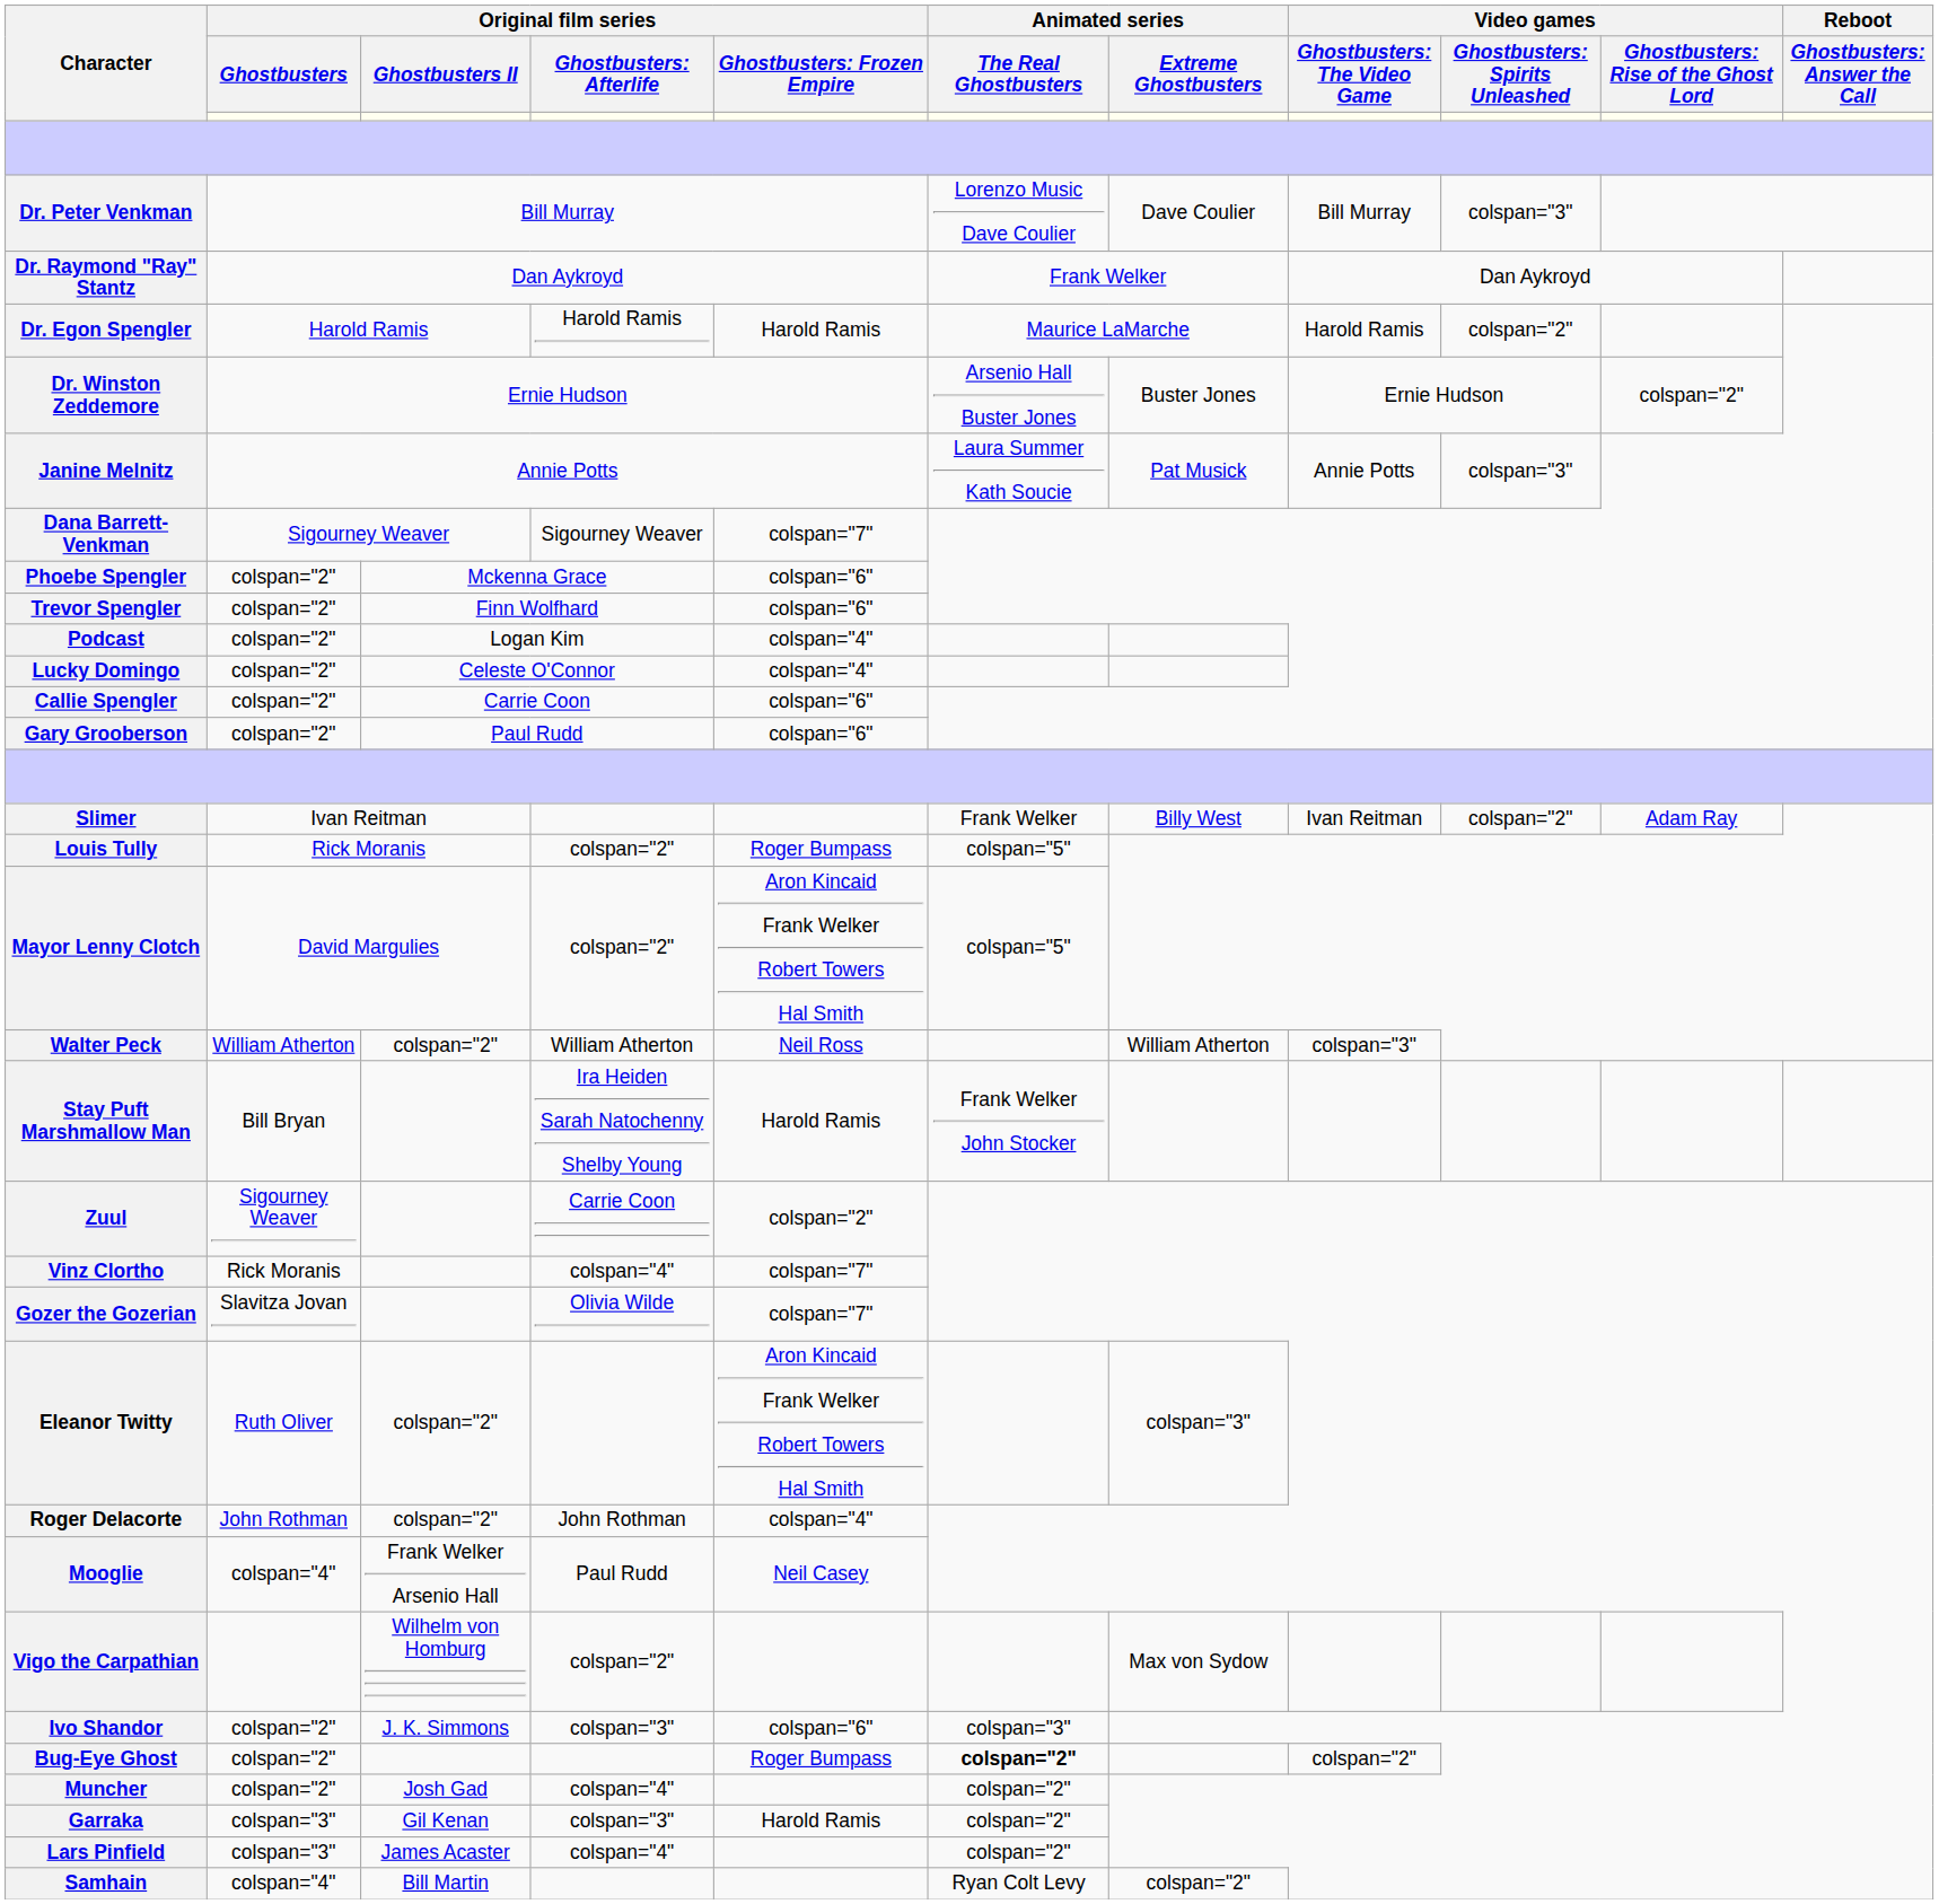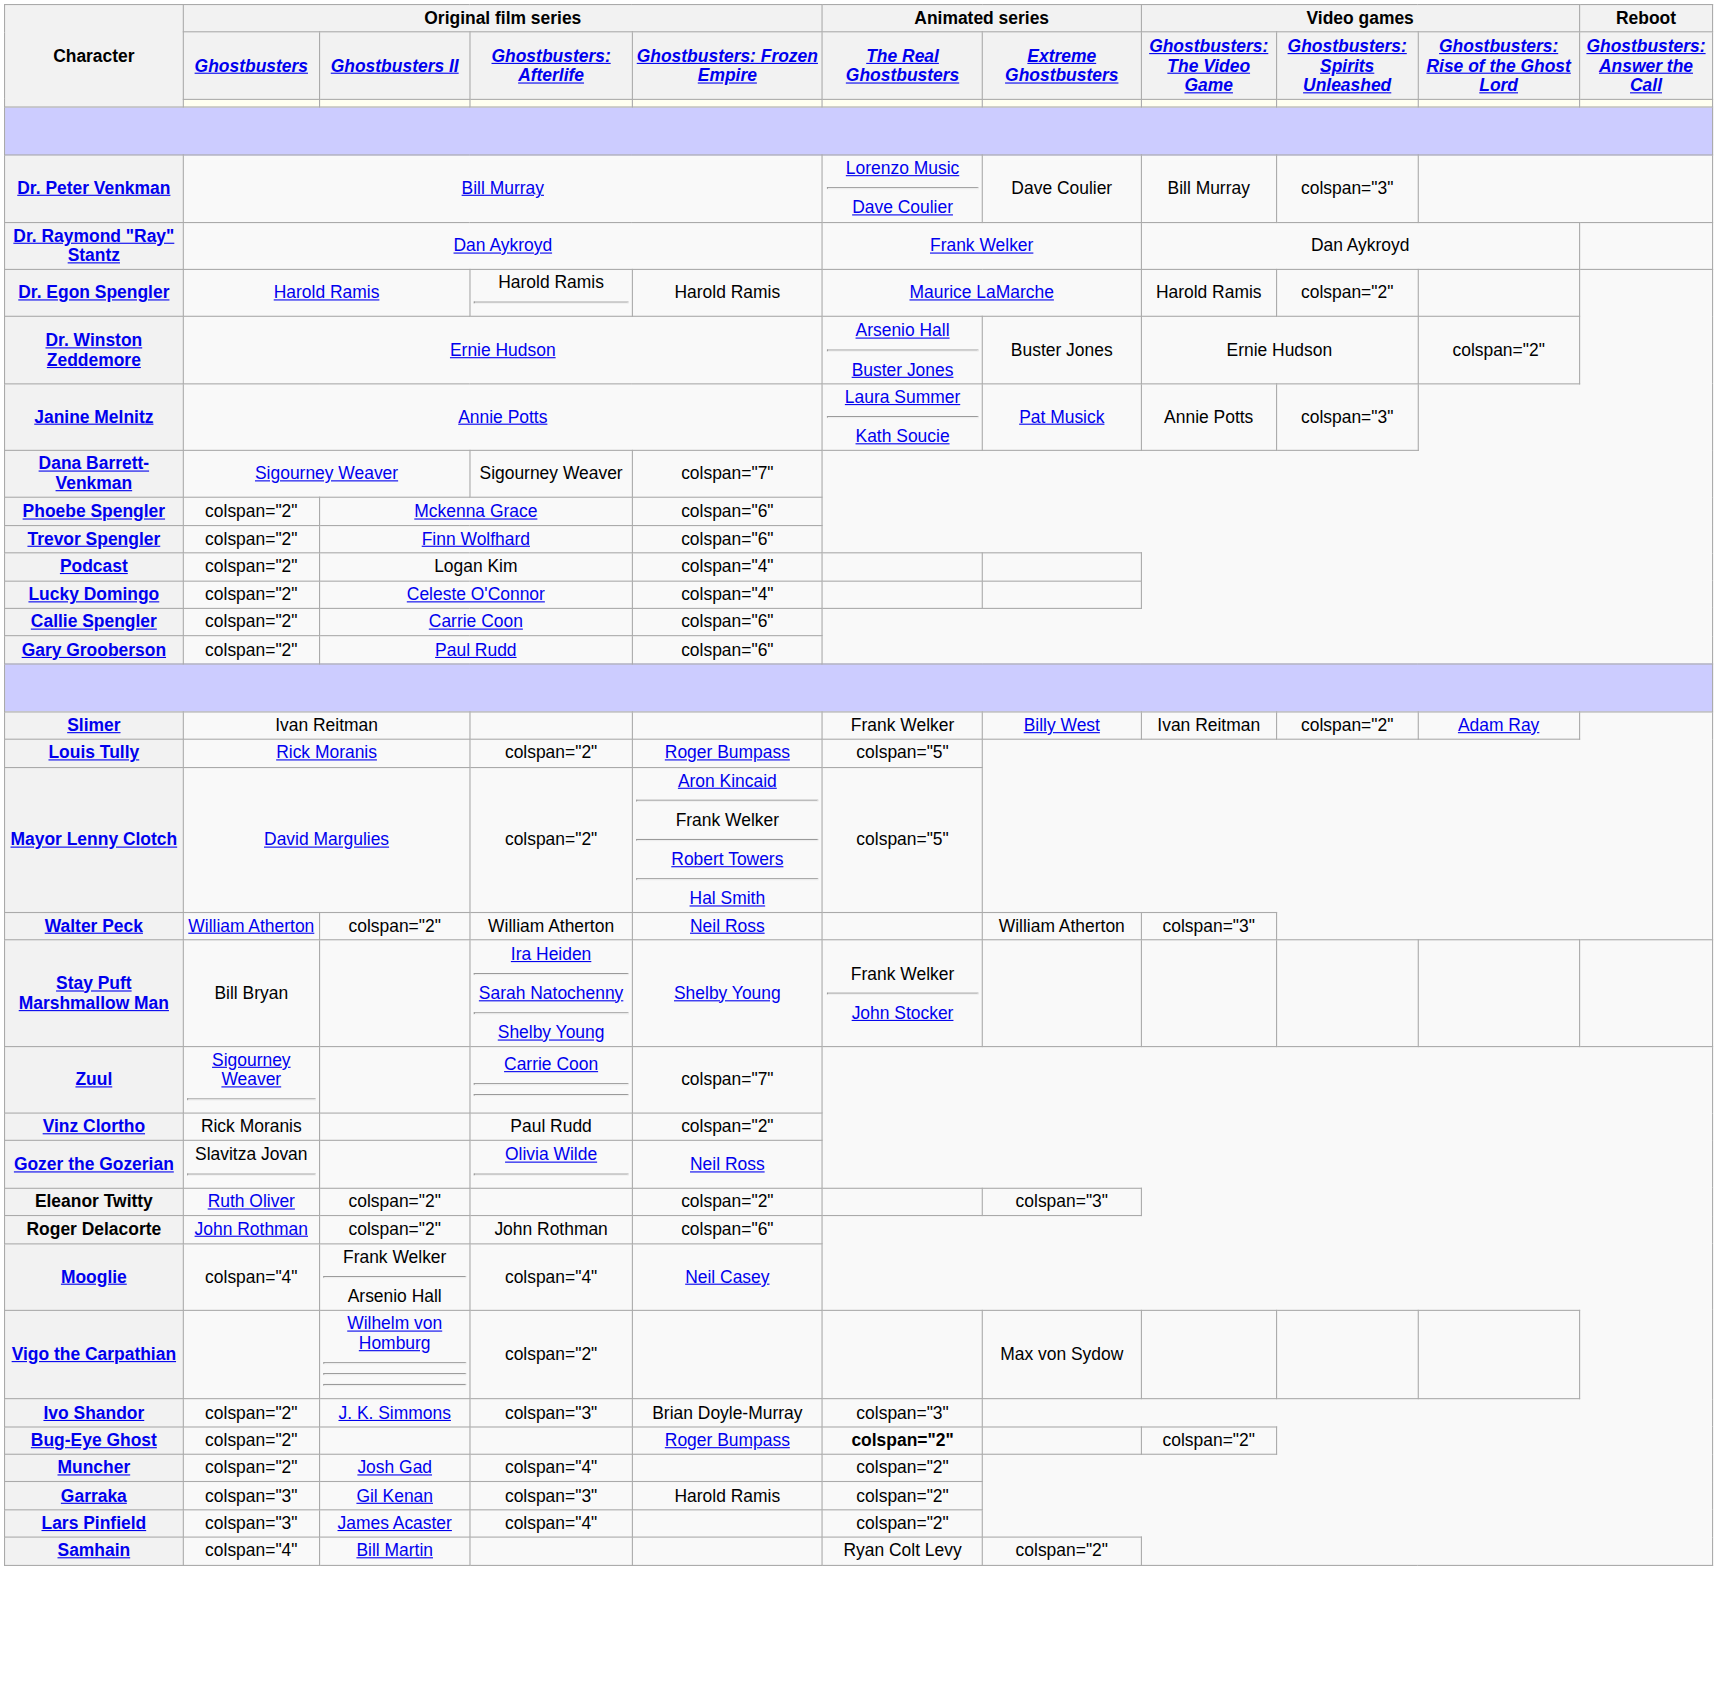 <table class="wikitable" style="text-align:center;">
 <tr>
 <th rowspan="3">Character</th>
 <th colspan="4">Original film series</th>
 <th colspan="2">Animated series</th>
 <th colspan="3">Video games</th>
 <th>Reboot</th>
 </tr>
 <tr>
 <th><em><a href='#'>Ghostbusters</a></em></th>
 <th><em><a href='#'>Ghostbusters II</a></em></th>
 <th><em><a href='#'>Ghostbusters: Afterlife</a></em></th>
 <th><em><a href='#'>Ghostbusters: Frozen Empire</a></em></th>
 <th><em><a href='#'>The Real Ghostbusters</a></em></th>
 <th><em><a href='#'>Extreme Ghostbusters</a></em></th>
 <th><em><a href='#'>Ghostbusters:<br>The Video Game</a></em></th>
 <th><em><a href='#'>Ghostbusters:<br>Spirits Unleashed</a></em></th>
 <th><em><a href='#'>Ghostbusters:<br>Rise of the Ghost Lord</a></em></th>
 <th><em><a href='#'>Ghostbusters:<br>Answer the Call</a></em></th>
 </tr>
 <tr>
 <th style="background:ivory;"></th>
 <th style="background:ivory;"></th>
 <th style="background:ivory;"></th>
 <th style="background:ivory;"></th>
 <th style="background:ivory;"></th>
 <th style="background:ivory;"></th>
 <th style="background:ivory;"></th>
 <th style="background:ivory;"></th>
 <th style="background:ivory;"></th>
 <th style="background:ivory;"></th>
 </tr>
 <tr>
 <th colspan="11" style="background-color:#ccccff;"><br><h3></h3></th>
 </tr>
 <tr>
 <th><a href='#'>Dr. Peter Venkman</a></th>
 <td colspan="4"><a href='#'>Bill Murray</a></td>
 <td><a href='#'>Lorenzo Music</a><hr><a href='#'>Dave Coulier</a></td>
 <td>Dave Coulier</td>
 <td>Bill Murray</td>
 <td>colspan="3" </td>
 </tr>
 <tr josh Perkins>
 <th><a href='#'>Dr. Raymond "Ray" Stantz</a></th>
 <td colspan="4"><a href='#'>Dan Aykroyd</a></td>
 <td colspan="2"><a href='#'>Frank Welker</a></td>
 <td colspan="3">Dan Aykroyd</td>
 <td></td>
 </tr>
 <tr>
 <th><a href='#'>Dr. Egon Spengler</a></th>
 <td colspan="2"><a href='#'>Harold Ramis</a></td>
 <td>Harold Ramis<hr></td>
 <td>Harold Ramis</td>
 <td colspan="2"><a href='#'>Maurice LaMarche</a></td>
 <td>Harold Ramis</td>
 <td>colspan="2" </td>
 <td></td>
 </tr>
 <tr>
 <th><a href='#'>Dr. Winston Zeddemore</a></th>
 <td colspan="4"><a href='#'>Ernie Hudson</a></td>
 <td><a href='#'>Arsenio Hall</a><hr><a href='#'>Buster Jones</a></td>
 <td>Buster Jones</td>
 <td colspan="2">Ernie Hudson</td>
 <td>colspan="2" </td>
 </tr>
 <tr>
 <th><a href='#'>Janine Melnitz</a></th>
 <td colspan="4"><a href='#'>Annie Potts</a></td>
 <td><a href='#'>Laura Summer</a><hr><a href='#'>Kath Soucie</a></td>
 <td><a href='#'>Pat Musick</a></td>
 <td>Annie Potts</td>
 <td>colspan="3" </td>
 </tr>
 <tr>
 <th><a href='#'>Dana Barrett-Venkman</a></th>
 <td colspan="2"><a href='#'>Sigourney Weaver</a></td>
 <td>Sigourney Weaver</td>
 <td>colspan="7" </td>
 </tr>
 <tr>
 <th><a href='#'>Phoebe Spengler</a></th>
 <td>colspan="2" </td>
 <td colspan="2"><a href='#'>Mckenna Grace</a></td>
 <td>colspan="6" </td>
 </tr>
 <tr>
 <th><a href='#'>Trevor Spengler</a></th>
 <td>colspan="2" </td>
 <td colspan="2"><a href='#'>Finn Wolfhard</a></td>
 <td>colspan="6" </td>
 </tr>
 <tr>
 <th><a href='#'>Podcast</a></th>
 <td>colspan="2" </td>
 <td colspan="2">Logan Kim</td>
 <td>colspan="4" </td>
 <td></td>
 <td></td>
 </tr>
 <tr>
 <th><a href='#'>Lucky Domingo</a></th>
 <td>colspan="2" </td>
 <td colspan="2"><a href='#'>Celeste O'Connor</a></td>
 <td>colspan="4" </td>
 <td></td>
 <td></td>
 </tr>
 <tr>
 <th><a href='#'>Callie Spengler</a></th>
 <td>colspan="2" </td>
 <td colspan="2"><a href='#'>Carrie Coon</a></td>
 <td>colspan="6" </td>
 </tr>
 <tr>
 <th><a href='#'>Gary Grooberson</a></th>
 <td>colspan="2" </td>
 <td colspan="2"><a href='#'>Paul Rudd</a></td>
 <td>colspan="6" </td>
 </tr>
 <tr>
 <th colspan="11" style="background-color:#ccccff;"><br><h3></h3></th>
 </tr>
 <tr>
 <th><a href='#'>Slimer</a></th>
 <td colspan="2">Ivan Reitman</td>
 <td></td>
 <td></td>
 <td>Frank Welker</td>
 <td><a href='#'>Billy West</a></td>
 <td>Ivan Reitman</td>
 <td>colspan="2" </td>
 <td><a href='#'>Adam Ray</a></td>
 </tr>
 <tr>
 <th><a href='#'>Louis Tully</a></th>
 <td colspan="2"><a href='#'>Rick Moranis</a></td>
 <td>colspan="2" </td>
 <td><a href='#'>Roger Bumpass</a></td>
 <td>colspan="5" </td>
 </tr>
 <tr>
 <th><a href='#'>Mayor Lenny Clotch</a></th>
 <td colspan="2"><a href='#'>David Margulies</a></td>
 <td>colspan="2" </td>
 <td><a href='#'>Aron Kincaid</a><hr>Frank Welker<hr><a href='#'>Robert Towers</a><hr><a href='#'>Hal Smith</a></td>
 <td>colspan="5" </td>
 </tr>
 <tr>
 <th><a href='#'>Walter Peck</a></th>
 <td><a href='#'>William Atherton</a></td>
 <td>colspan="2" </td>
 <td>William Atherton</td>
 <td><a href='#'>Neil Ross</a></td>
 <td></td>
 <td>William Atherton</td>
 <td>colspan="3" </td>
 </tr>
 <tr>
 <th><a href='#'>Stay Puft Marshmallow Man<br></a></th>
 <td>Bill Bryan</td>
 <td></td>
 <td><a href='#'>Ira Heiden</a><hr><a href='#'>Sarah Natochenny</a><hr><a href='#'>Shelby Young</a></td>
-<td>Harold Ramis</td>
+<td><a href='#'>Shelby Young</a></td>
 <td>Frank Welker<hr><a href='#'>John Stocker</a></td>
 <td></td>
 <td></td>
 <td></td>
 <td></td>
 <td></td>
 </tr>
 <tr>
 <th><a href='#'>Zuul<br></a></th>
 <td><a href='#'>Sigourney Weaver</a><hr></td>
 <td></td>
 <td><a href='#'>Carrie Coon</a><hr><hr></td>
-<td>colspan="2" </td>
+<td>colspan="7" </td>
 </tr>
 <tr>
 <th><a href='#'>Vinz Clortho<br></a></th>
 <td>Rick Moranis</td>
 <td></td>
-<td>colspan="4" </td>
-<td>colspan="7" </td>
+<td>Paul Rudd</td>
+<td>colspan="2" </td>
 </tr>
 <tr>
 <th><a href='#'>Gozer the Gozerian</a></th>
 <td>Slavitza Jovan<hr></td>
 <td></td>
 <td><a href='#'>Olivia Wilde</a><hr></td>
-<td>colspan="7" </td>
+<td><a href='#'>Neil Ross</a></td>
 </tr>
 <tr>
 <th>Eleanor Twitty</th>
 <td><a href='#'>Ruth Oliver</a></td>
 <td>colspan="2" </td>
 <td></td>
-<td><a href='#'>Aron Kincaid</a><hr>Frank Welker<hr><a href='#'>Robert Towers</a><hr><a href='#'>Hal Smith</a></td>
+<td>colspan="2" </td>
 <td></td>
 <td>colspan="3" </td>
 </tr>
 <tr>
 <th>Roger Delacorte</th>
 <td><a href='#'>John Rothman</a></td>
 <td>colspan="2" </td>
 <td>John Rothman</td>
-<td>colspan="4" </td>
+<td>colspan="6" </td>
 </tr>
 <tr>
 <th><a href='#'>Mooglie<br></a></th>
 <td>colspan="4" </td>
 <td>Frank Welker<br><hr>Arsenio Hall</td>
-<td>Paul Rudd</td>
+<td>colspan="4" </td>
 <td><a href='#'>Neil Casey</a></td>
 </tr>
 <tr>
 <th><a href='#'>Vigo the Carpathian</a></th>
 <td></td>
 <td><a href='#'>Wilhelm von Homburg</a><hr><hr><hr></td>
 <td>colspan="2" </td>
 <td></td>
 <td></td>
 <td>Max von Sydow</td>
 <td></td>
 <td></td>
 <td></td>
 </tr>
 <tr>
 <th><a href='#'>Ivo Shandor</a></th>
 <td>colspan="2" </td>
 <td><a href='#'>J. K. Simmons</a></td>
 <td>colspan="3" </td>
-<td>colspan="6" </td>
+<td>Brian Doyle-Murray</td>
 <td>colspan="3" </td>
 </tr>
 <tr>
 <th><a href='#'>Bug-Eye Ghost</a></th>
 <td>colspan="2" </td>
 <td></td>
 <td></td>
 <td><a href='#'>Roger Bumpass</a></td>
 <td><strong>colspan="2" </strong></td>
 <td></td>
 <td>colspan="2" </td>
 </tr>
 <tr>
 <th><a href='#'>Muncher</a></th>
 <td>colspan="2" </td>
 <td><a href='#'>Josh Gad</a></td>
 <td>colspan="4" </td>
 <td></td>
 <td>colspan="2" </td>
 </tr>
 <tr>
 <th><a href='#'>Garraka</a></th>
 <td>colspan="3" </td>
 <td><a href='#'>Gil Kenan</a></td>
 <td>colspan="3" </td>
 <td>Harold Ramis</td>
 <td>colspan="2" </td>
 </tr>
 <tr>
 <th><a href='#'>Lars Pinfield</a></th>
 <td>colspan="3" </td>
 <td><a href='#'>James Acaster</a></td>
 <td>colspan="4" </td>
 <td></td>
 <td>colspan="2" </td>
 </tr>
 <tr>
 <th><a href='#'>Samhain</a></th>
 <td>colspan="4" </td>
 <td><a href='#'>Bill Martin</a></td>
 <td></td>
 <td></td>
 <td>Ryan Colt Levy</td>
 <td>colspan="2" </td>
 </tr>
 </table>
